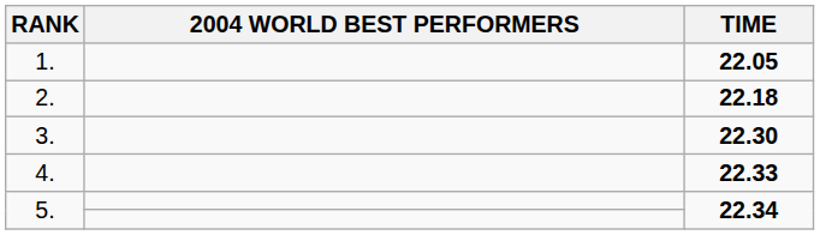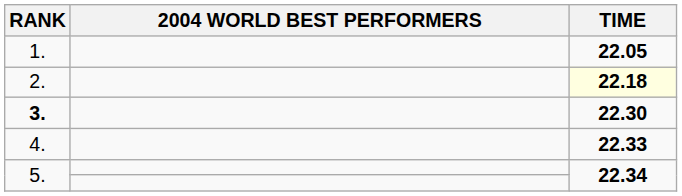 <table class="wikitable" style="border-collapse: collapse; font-size: 90%;">
 <tr>
 <th>RANK</th>
 <th align="center" style="width: 25em">2004 WORLD BEST PERFORMERS</th>
 <th align="center" style="width: 5em">TIME</th>
 </tr>
 <tr>
 <td align="center">1.</td>
 <td></td>
 <td align="center"><strong>22.05</strong></td>
 </tr>
 <tr>
 <td align="center">2.</td>
 <td></td>
-<td align="center"><strong>22.18</strong></td>
+<td align="center" style="background: lightyellow;"><strong>22.18</strong></td>
 </tr>
 <tr>
-<td align="center">3.</td>
+<td align="center"><strong>3.</strong></td>
 <td></td>
 <td align="center"><strong>22.30</strong></td>
 </tr>
 <tr>
 <td align="center">4.</td>
 <td></td>
 <td align="center"><strong>22.33</strong></td>
 </tr>
 <tr>
 <td rowspan=2 align="center">5.</td>
 <td></td>
 <td rowspan=2 align="center"><strong>22.34</strong></td>
 </tr>
 <tr>
 <td></td>
 </tr>
 </table>
